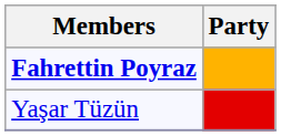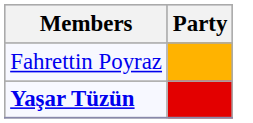 <table class=wikitable style="border:1px solid #8888aa; background-color:#f7f8ff; padding:0px; font-size:90%;">
 <tr>
 <th>Members</th>
 <th colspan="2">Party</th>
 </tr>
 <tr>
-<td><strong><a href='#'>Fahrettin Poyraz</a></strong></td>
+<td><a href='#'>Fahrettin Poyraz</a></td>
 <td style="background: #ffb300"></td>
 </tr>
 <tr>
-<td><a href='#'>Yaşar Tüzün</a></td>
+<td><strong><a href='#'>Yaşar Tüzün</a></strong></td>
 <td style="background: #e30000"></td>
 </tr>
 <tr>
 </tr>
 </table>
